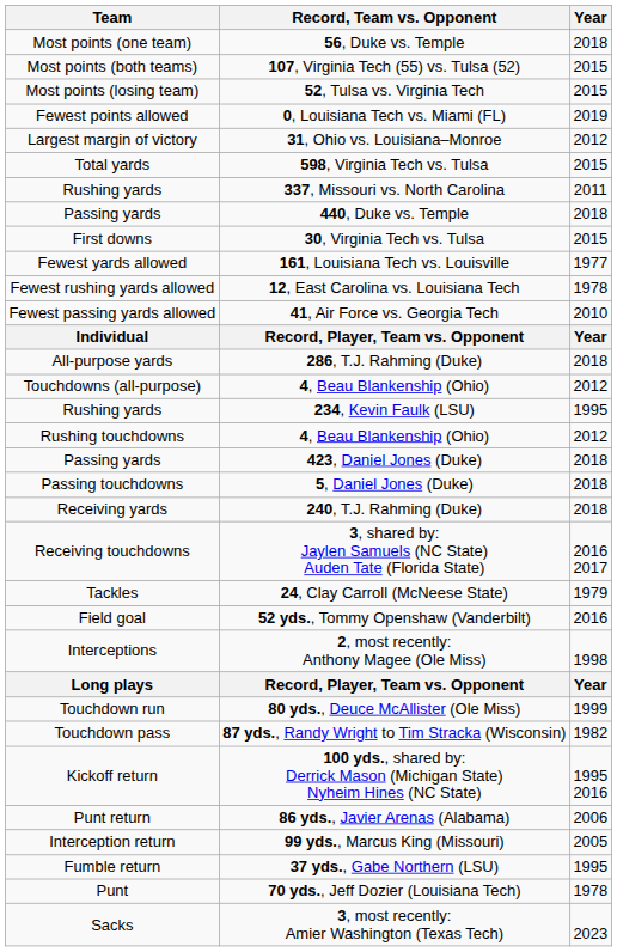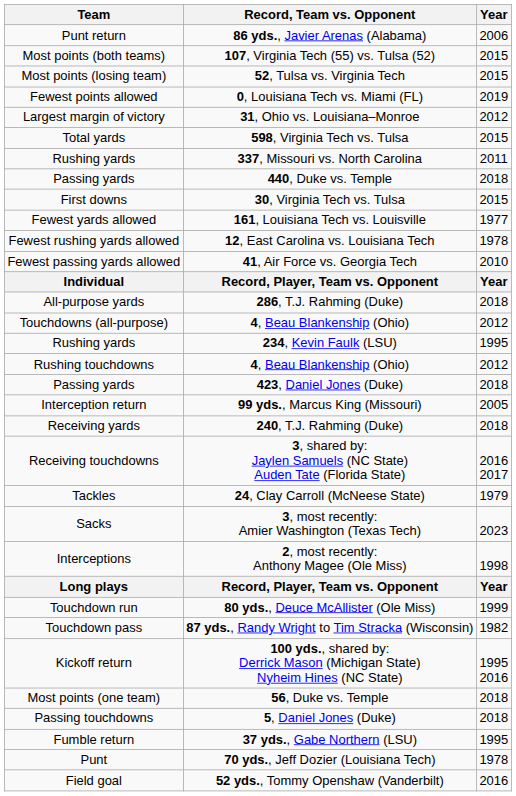 <table class="wikitable" style="text-align:center">
 <tr>
 <th>Team</th>
 <th>Record, Team vs. Opponent</th>
 <th>Year</th>
 </tr>
 <tr>
-<td>Most points (one team)</td>
-<td><strong>56</strong>, Duke vs. Temple</td>
-<td>2018</td>
+<td>Punt return</td>
+<td><strong>86 yds.</strong>, <a href='#'>Javier Arenas</a> (Alabama)</td>
+<td>2006</td>
 </tr>
 <tr>
 <td>Most points (both teams)</td>
 <td><strong>107</strong>, Virginia Tech (55) vs. Tulsa (52)</td>
 <td>2015</td>
 </tr>
 <tr>
 <td>Most points (losing team)</td>
 <td><strong>52</strong>, Tulsa vs. Virginia Tech</td>
 <td>2015</td>
 </tr>
 <tr>
 <td>Fewest points allowed</td>
 <td><strong>0</strong>, Louisiana Tech vs. Miami (FL)</td>
 <td>2019</td>
 </tr>
 <tr>
 <td>Largest margin of victory</td>
 <td><strong>31</strong>, Ohio vs. Louisiana–Monroe</td>
 <td>2012</td>
 </tr>
 <tr>
 <td>Total yards</td>
 <td><strong>598</strong>, Virginia Tech vs. Tulsa</td>
 <td>2015</td>
 </tr>
 <tr>
 <td>Rushing yards</td>
 <td><strong>337</strong>, Missouri vs. North Carolina</td>
 <td>2011</td>
 </tr>
 <tr>
 <td>Passing yards</td>
 <td><strong>440</strong>, Duke vs. Temple</td>
 <td>2018</td>
 </tr>
 <tr>
 <td>First downs</td>
 <td><strong>30</strong>, Virginia Tech vs. Tulsa</td>
 <td>2015</td>
 </tr>
 <tr>
 <td>Fewest yards allowed</td>
 <td><strong>161</strong>, Louisiana Tech vs. Louisville</td>
 <td>1977</td>
 </tr>
 <tr>
 <td>Fewest rushing yards allowed</td>
 <td><strong>12</strong>, East Carolina vs. Louisiana Tech</td>
 <td>1978</td>
 </tr>
 <tr>
 <td>Fewest passing yards allowed</td>
 <td><strong>41</strong>, Air Force vs. Georgia Tech</td>
 <td>2010</td>
 </tr>
 <tr>
 <th>Individual</th>
 <th>Record, Player, Team vs. Opponent</th>
 <th>Year</th>
 </tr>
 <tr>
 <td>All-purpose yards</td>
 <td><strong>286</strong>, T.J. Rahming (Duke)</td>
 <td>2018</td>
 </tr>
 <tr>
 <td>Touchdowns (all-purpose)</td>
 <td><strong>4</strong>, <a href='#'>Beau Blankenship</a> (Ohio)</td>
 <td>2012</td>
 </tr>
 <tr>
 <td>Rushing yards</td>
 <td><strong>234</strong>, <a href='#'>Kevin Faulk</a> (LSU)</td>
 <td>1995</td>
 </tr>
 <tr>
 <td>Rushing touchdowns</td>
 <td><strong>4</strong>, <a href='#'>Beau Blankenship</a> (Ohio)</td>
 <td>2012</td>
 </tr>
 <tr>
 <td>Passing yards</td>
 <td><strong>423</strong>, <a href='#'>Daniel Jones</a> (Duke)</td>
 <td>2018</td>
 </tr>
 <tr>
-<td>Passing touchdowns</td>
-<td><strong>5</strong>, <a href='#'>Daniel Jones</a> (Duke)</td>
-<td>2018</td>
+<td>Interception return</td>
+<td><strong>99 yds.</strong>, Marcus King (Missouri)</td>
+<td>2005</td>
 </tr>
 <tr>
 <td>Receiving yards</td>
 <td><strong>240</strong>, T.J. Rahming (Duke)</td>
 <td>2018</td>
 </tr>
 <tr>
 <td>Receiving touchdowns</td>
 <td><strong>3</strong>, shared by:<br><a href='#'>Jaylen Samuels</a> (NC State)<br><a href='#'>Auden Tate</a> (Florida State)</td>
 <td><br>2016<br>2017</td>
 </tr>
 <tr>
 <td>Tackles</td>
 <td><strong>24</strong>, Clay Carroll (McNeese State)</td>
 <td>1979</td>
 </tr>
 <tr>
-<td>Field goal</td>
-<td><strong>52 yds.</strong>, Tommy Openshaw (Vanderbilt)</td>
-<td>2016</td>
+<td>Sacks</td>
+<td><strong>3</strong>, most recently:<br>Amier Washington (Texas Tech)</td>
+<td><br>2023</td>
 </tr>
 <tr>
 <td>Interceptions</td>
 <td><strong>2</strong>, most recently:<br>Anthony Magee (Ole Miss)</td>
 <td><br>1998</td>
 </tr>
 <tr>
 <th>Long plays</th>
 <th>Record, Player, Team vs. Opponent</th>
 <th>Year</th>
 </tr>
 <tr>
 <td>Touchdown run</td>
 <td><strong>80 yds.</strong>, <a href='#'>Deuce McAllister</a> (Ole Miss)</td>
 <td>1999</td>
 </tr>
 <tr>
 <td>Touchdown pass</td>
 <td><strong>87 yds.</strong>, <a href='#'>Randy Wright</a> to <a href='#'>Tim Stracka</a> (Wisconsin)</td>
 <td>1982</td>
 </tr>
 <tr>
 <td>Kickoff return</td>
 <td><strong>100 yds.</strong>, shared by:<br><a href='#'>Derrick Mason</a> (Michigan State)<br><a href='#'>Nyheim Hines</a> (NC State)</td>
 <td><br>1995<br>2016</td>
 </tr>
 <tr>
-<td>Punt return</td>
-<td><strong>86 yds.</strong>, <a href='#'>Javier Arenas</a> (Alabama)</td>
-<td>2006</td>
+<td>Most points (one team)</td>
+<td><strong>56</strong>, Duke vs. Temple</td>
+<td>2018</td>
 </tr>
 <tr>
-<td>Interception return</td>
-<td><strong>99 yds.</strong>, Marcus King (Missouri)</td>
-<td>2005</td>
+<td>Passing touchdowns</td>
+<td><strong>5</strong>, <a href='#'>Daniel Jones</a> (Duke)</td>
+<td>2018</td>
 </tr>
 <tr>
 <td>Fumble return</td>
 <td><strong>37 yds.</strong>, <a href='#'>Gabe Northern</a> (LSU)</td>
 <td>1995</td>
 </tr>
 <tr>
 <td>Punt</td>
 <td><strong>70 yds.</strong>, Jeff Dozier (Louisiana Tech)</td>
 <td>1978</td>
 </tr>
 <tr>
-<td>Sacks</td>
-<td><strong>3</strong>, most recently:<br>Amier Washington (Texas Tech)</td>
-<td><br>2023</td>
+<td>Field goal</td>
+<td><strong>52 yds.</strong>, Tommy Openshaw (Vanderbilt)</td>
+<td>2016</td>
 </tr>
 </table>
